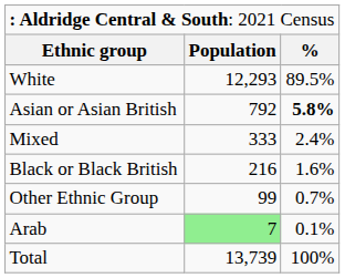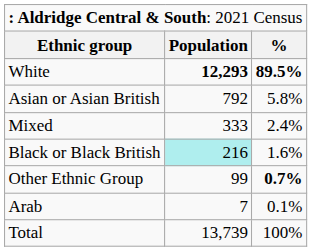 <table class="wikitable">
 <tr>
 <td colspan="14" style="text-align:right;"><strong>: Aldridge Central & South</strong>: 2021 Census</td>
 </tr>
 <tr>
 <th>Ethnic group</th>
 <th>Population</th>
 <th>%</th>
 </tr>
 <tr>
 <td>White</td>
-<td style="text-align:right;">12,293</td>
-<td style="text-align:right;">89.5%</td>
+<td style="text-align:right;"><strong>12,293</strong></td>
+<td style="text-align:right;"><strong>89.5%</strong></td>
 </tr>
 <tr>
 <td>Asian or Asian British</td>
 <td style="text-align:right;">792</td>
-<td style="text-align:right;"><strong>5.8%</strong></td>
+<td style="text-align:right;">5.8%</td>
 </tr>
 <tr>
 <td>Mixed</td>
 <td style="text-align:right;">333</td>
 <td style="text-align:right;">2.4%</td>
 </tr>
 <tr>
 <td>Black or Black British</td>
-<td style="text-align:right;">216</td>
+<td style="background: paleturquoise; text-align:right;">216</td>
 <td style="text-align:right;">1.6%</td>
 </tr>
 <tr>
 <td>Other Ethnic Group</td>
 <td style="text-align:right;">99</td>
-<td style="text-align:right;">0.7%</td>
+<td style="text-align:right;"><strong>0.7%</strong></td>
 </tr>
 <tr>
 <td>Arab</td>
-<td style="background: lightgreen; text-align:right;">7</td>
+<td style="text-align:right;">7</td>
 <td style="text-align:right;">0.1%</td>
 </tr>
 <tr>
 <td>Total</td>
 <td style="text-align:right;">13,739</td>
 <td style="text-align:right;">100%</td>
 </tr>
 </table>
